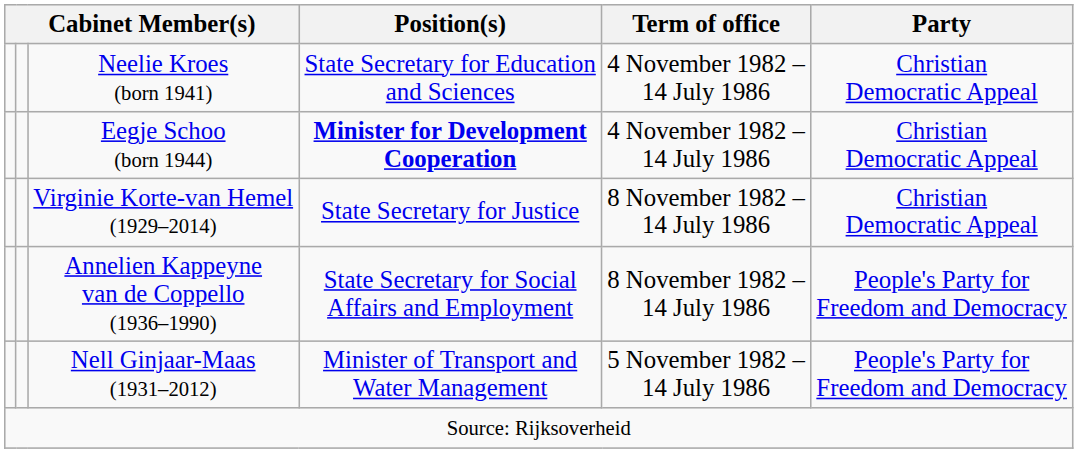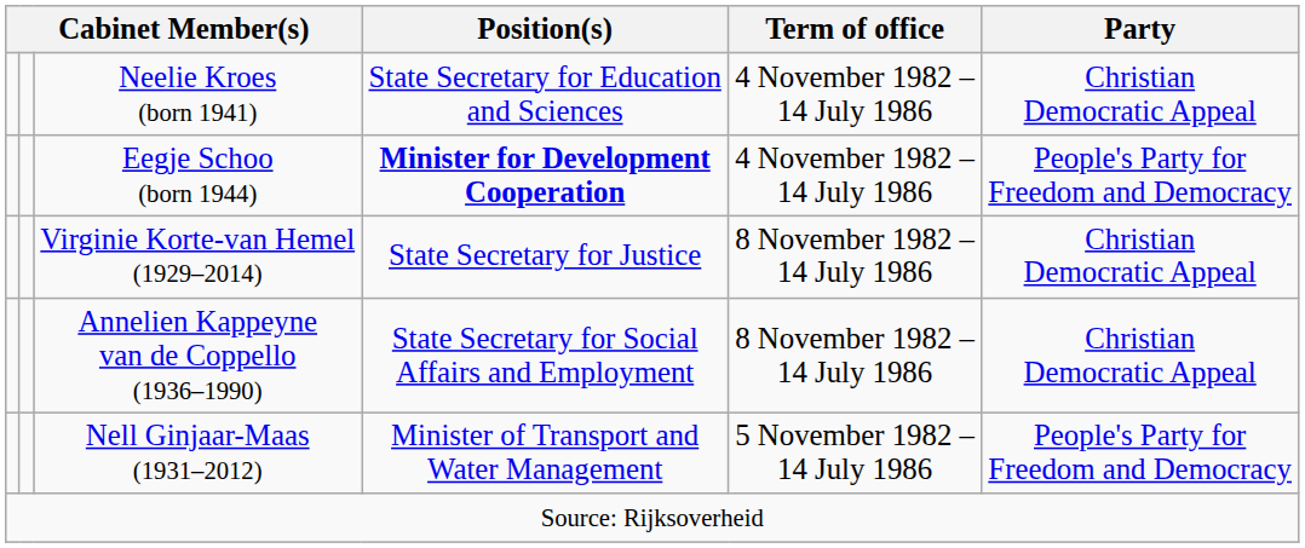 <table class="wikitable" style="text-align:center">
 <tr>
 <th colspan=3>Cabinet Member(s)</th>
 <th>Position(s)</th>
 <th>Term of office</th>
 <th>Party</th>
 </tr>
 <tr>
 <td style="background:"></td>
 <td></td>
 <td><a href='#'>Neelie Kroes</a> <br> <small>(born 1941)</small></td>
 <td><a href='#'>State Secretary for Education <br> and Sciences</a></td>
 <td>4 November 1982 – <br> 14 July 1986</td>
 <td><a href='#'>Christian <br> Democratic Appeal</a></td>
 </tr>
 <tr>
 <td style="background:"></td>
 <td></td>
 <td><a href='#'>Eegje Schoo</a> <br> <small>(born 1944)</small></td>
 <td><strong><a href='#'>Minister for Development <br> Cooperation</a></strong></td>
 <td>4 November 1982 – <br> 14 July 1986</td>
-<td><a href='#'>Christian <br> Democratic Appeal</a></td>
+<td><a href='#'>People's Party for <br> Freedom and Democracy</a></td>
 </tr>
 <tr>
 <td style="background:"></td>
 <td></td>
 <td><a href='#'>Virginie Korte-van Hemel</a> <br> <small>(1929–2014)</small></td>
 <td><a href='#'>State Secretary for Justice</a></td>
 <td>8 November 1982 – <br> 14 July 1986</td>
 <td><a href='#'>Christian <br> Democratic Appeal</a></td>
 </tr>
 <tr>
 <td style="background:"></td>
 <td></td>
 <td><a href='#'>Annelien Kappeyne <br> van de Coppello</a> <br> <small>(1936–1990)</small></td>
 <td><a href='#'>State Secretary for Social <br> Affairs and Employment</a></td>
 <td>8 November 1982 – <br> 14 July 1986</td>
-<td><a href='#'>People's Party for <br> Freedom and Democracy</a></td>
+<td><a href='#'>Christian <br> Democratic Appeal</a></td>
 </tr>
 <tr>
 <td style="background:"></td>
 <td></td>
 <td><a href='#'>Nell Ginjaar-Maas</a> <br> <small>(1931–2012)</small></td>
 <td><a href='#'>Minister of Transport and <br> Water Management</a></td>
 <td>5 November 1982 – <br> 14 July 1986</td>
 <td><a href='#'>People's Party for <br> Freedom and Democracy</a></td>
 </tr>
 <tr>
 <td colspan=9><small>Source:   Rijksoverheid</small></td>
 </tr>
 </table>
